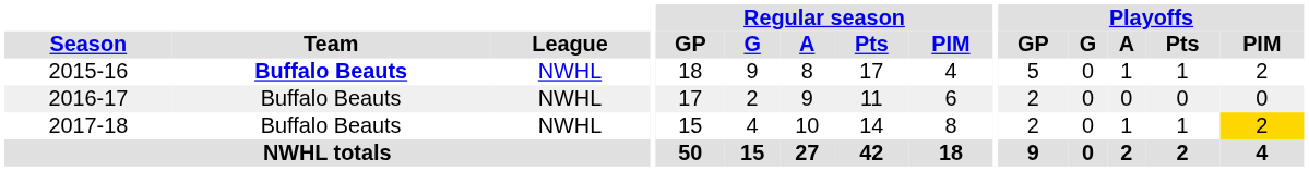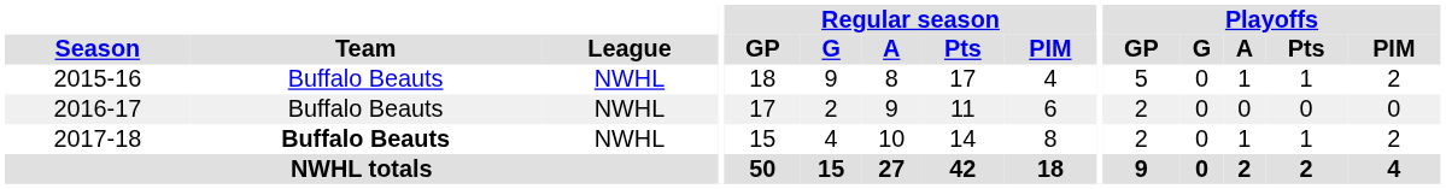 <table border="0" cellpadding="1" cellspacing="0" style="text-align:center; width:60em">
 <tr bgcolor="#e0e0e0">
 <th colspan="3" bgcolor="#ffffff"></th>
 <th rowspan="99" bgcolor="#ffffff"></th>
 <th colspan="5"><a href='#'>Regular season</a></th>
 <th rowspan="99" bgcolor="#ffffff"></th>
 <th colspan="5"><a href='#'>Playoffs</a></th>
 </tr>
 <tr bgcolor="#e0e0e0">
 <th><a href='#'>Season</a></th>
 <th>Team</th>
 <th>League</th>
 <th>GP</th>
 <th><a href='#'>G</a></th>
 <th><a href='#'>A</a></th>
 <th><a href='#'>Pts</a></th>
 <th><a href='#'>PIM</a></th>
 <th>GP</th>
 <th>G</th>
 <th>A</th>
 <th>Pts</th>
 <th>PIM</th>
 </tr>
 <tr>
 </tr>
 <tr>
 <td>2015-16</td>
-<td><strong><a href='#'>Buffalo Beauts</a></strong></td>
+<td><a href='#'>Buffalo Beauts</a></td>
 <td><a href='#'>NWHL</a></td>
 <td>18</td>
 <td>9</td>
 <td>8</td>
 <td>17</td>
 <td>4</td>
 <td>5</td>
 <td>0</td>
 <td>1</td>
 <td>1</td>
 <td>2</td>
 </tr>
 <tr bgcolor="#f0f0f0">
 <td>2016-17</td>
 <td>Buffalo Beauts</td>
 <td>NWHL</td>
 <td>17</td>
 <td>2</td>
 <td>9</td>
 <td>11</td>
 <td>6</td>
 <td>2</td>
 <td>0</td>
 <td>0</td>
 <td>0</td>
 <td>0</td>
 </tr>
 <tr>
 <td>2017-18</td>
-<td>Buffalo Beauts</td>
+<td><strong>Buffalo Beauts</strong></td>
 <td>NWHL</td>
 <td>15</td>
 <td>4</td>
 <td>10</td>
 <td>14</td>
 <td>8</td>
 <td>2</td>
 <td>0</td>
 <td>1</td>
 <td>1</td>
-<td style="background: gold;">2</td>
+<td>2</td>
 </tr>
 <tr bgcolor="#e0e0e0">
 <th colspan="3">NWHL totals</th>
 <th>50</th>
 <th>15</th>
 <th>27</th>
 <th>42</th>
 <th>18</th>
 <th>9</th>
 <th>0</th>
 <th>2</th>
 <th>2</th>
 <th>4</th>
 </tr>
 </table>
